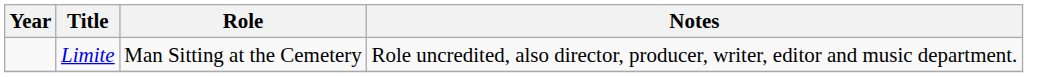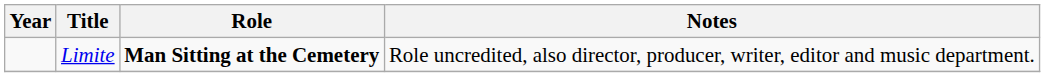 <table class="wikitable sortable">
 <tr>
 <th>Year</th>
 <th>Title</th>
 <th>Role</th>
 <th class="unsortable">Notes</th>
 </tr>
 <tr>
 <td></td>
 <td><em><a href='#'>Limite</a></em></td>
-<td>Man Sitting at the Cemetery</td>
+<td><strong>Man Sitting at the Cemetery</strong></td>
 <td>Role uncredited, also director, producer, writer, editor and music department.</td>
 </tr>
 <tr>
 </tr>
 </table>
